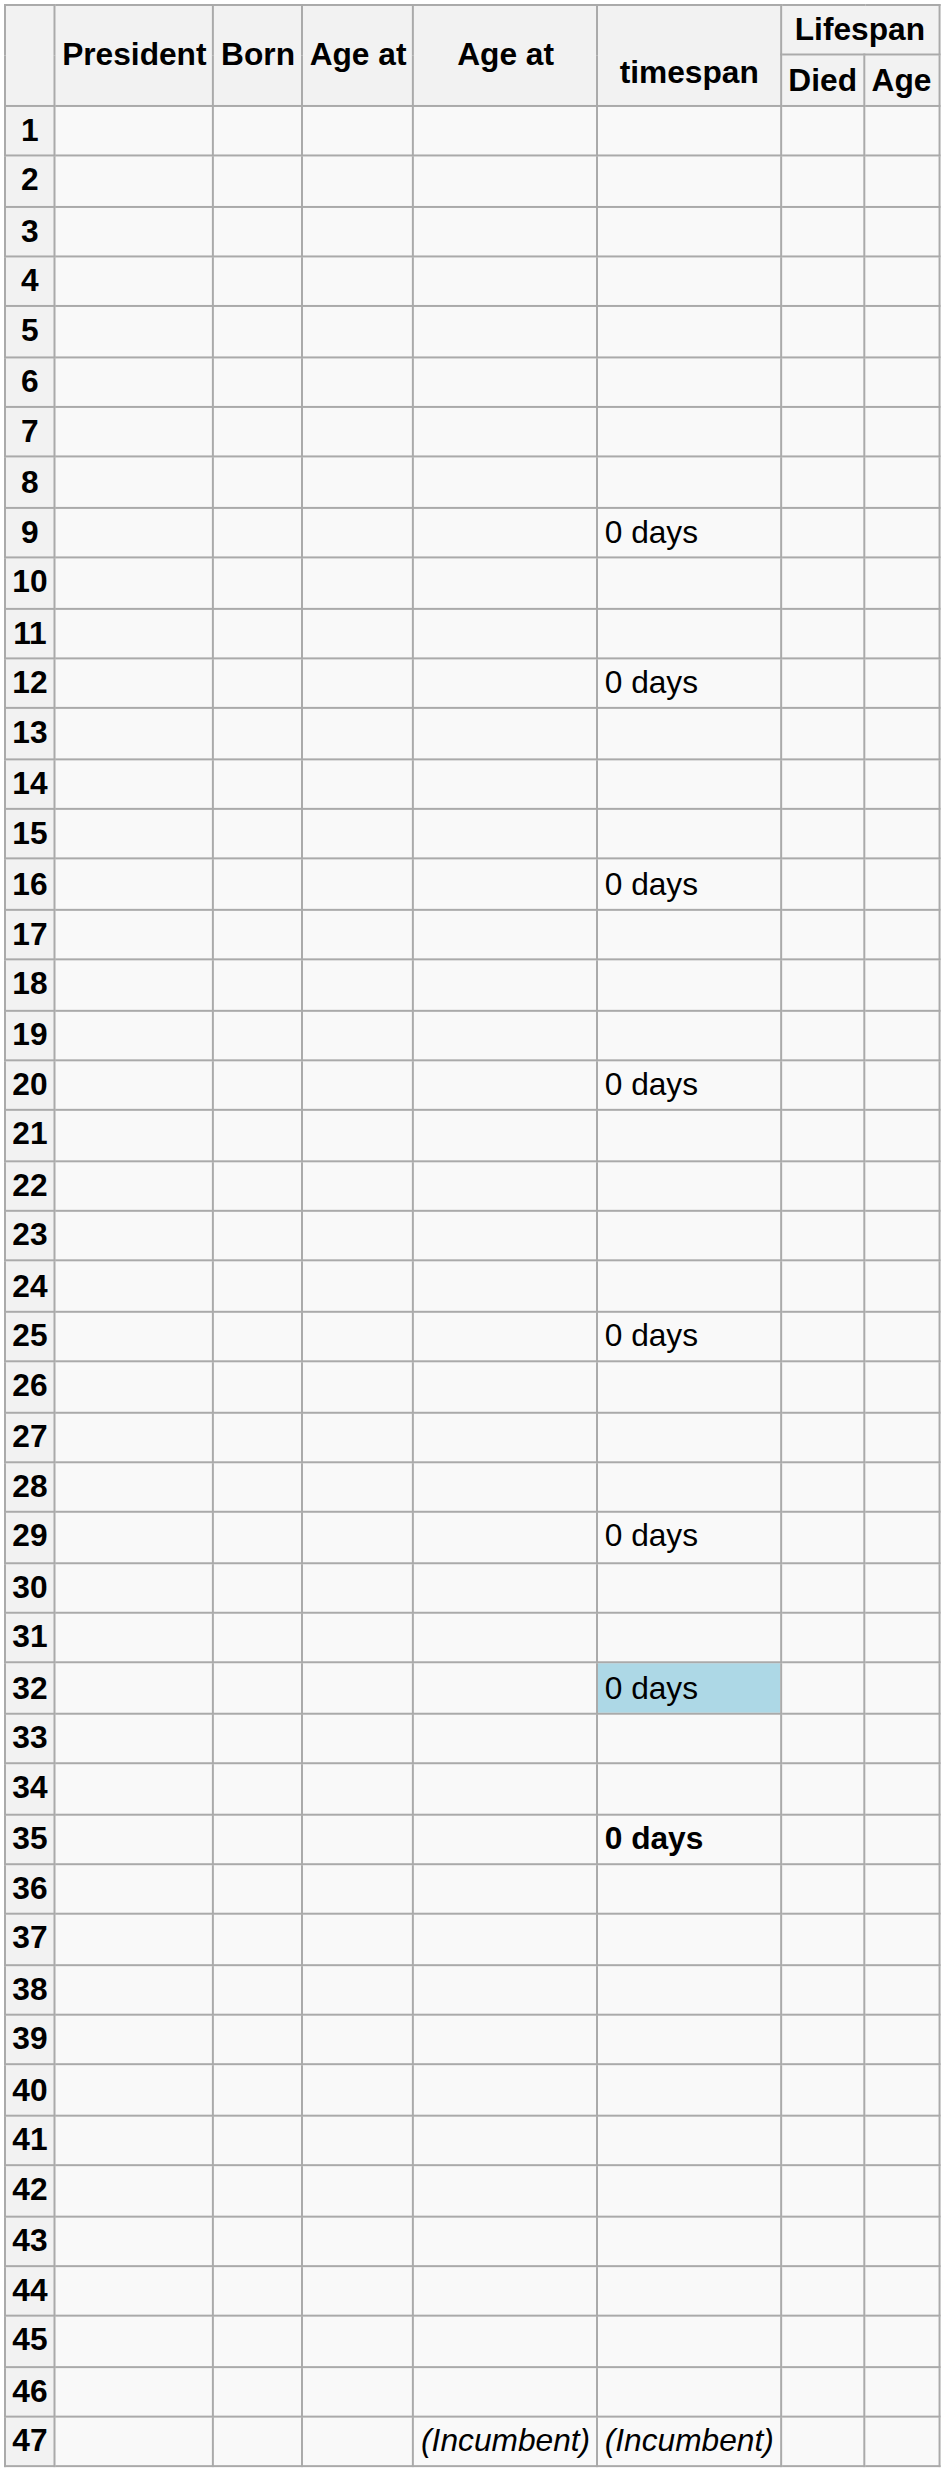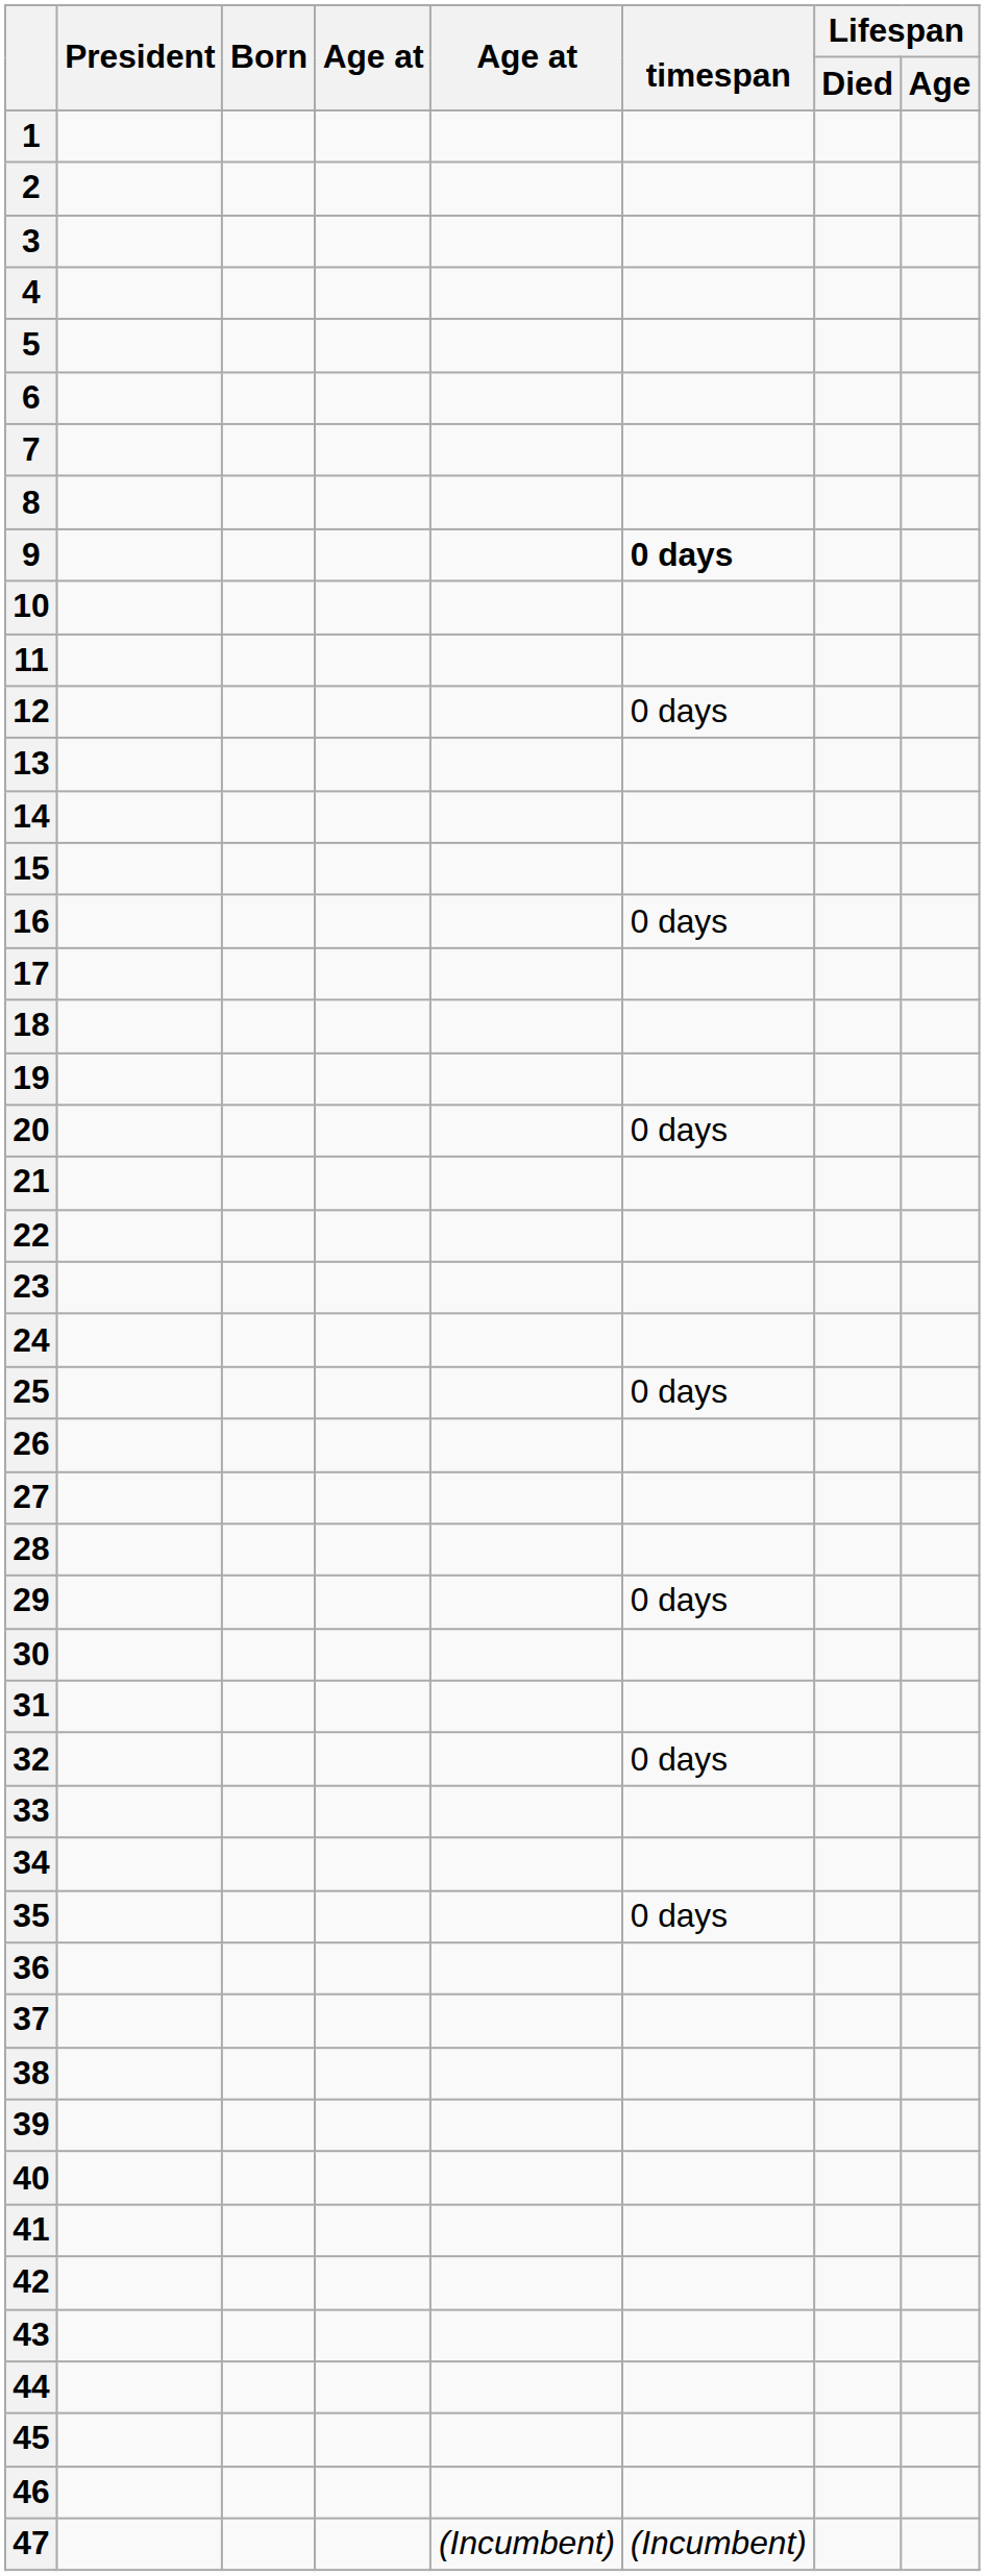 <table class="sortable wikitable sticky-header-multi sort-under col1right">
 <tr>
 <th rowspan=2></th>
 <th rowspan=2>President</th>
 <th rowspan=2>Born</th>
 <th rowspan=2>Age at<br></th>
 <th rowspan=2>Age at<br></th>
 <th rowspan=2><br>timespan</th>
 <th colspan=2>Lifespan</th>
 </tr>
 <tr>
 <th>Died</th>
 <th>Age</th>
 </tr>
 <tr>
 <th>1</th>
 <td></td>
 <td></td>
 <td><br></td>
 <td><br></td>
 <td></td>
 <td></td>
 <td></td>
 </tr>
 <tr>
 <th>2</th>
 <td></td>
 <td></td>
 <td><br></td>
 <td><br></td>
 <td></td>
 <td></td>
 <td></td>
 </tr>
 <tr>
 <th>3</th>
 <td></td>
 <td></td>
 <td><br></td>
 <td><br></td>
 <td></td>
 <td></td>
 <td></td>
 </tr>
 <tr>
 <th>4</th>
 <td></td>
 <td></td>
 <td><br></td>
 <td><br></td>
 <td></td>
 <td></td>
 <td></td>
 </tr>
 <tr>
 <th>5</th>
 <td></td>
 <td></td>
 <td><br></td>
 <td><br></td>
 <td></td>
 <td></td>
 <td></td>
 </tr>
 <tr>
 <th>6</th>
 <td></td>
 <td></td>
 <td><br></td>
 <td><br></td>
 <td></td>
 <td></td>
 <td></td>
 </tr>
 <tr>
 <th>7</th>
 <td></td>
 <td></td>
 <td><br></td>
 <td><br></td>
 <td></td>
 <td></td>
 <td></td>
 </tr>
 <tr>
 <th>8</th>
 <td></td>
 <td></td>
 <td><br></td>
 <td><br></td>
 <td></td>
 <td></td>
 <td></td>
 </tr>
 <tr>
 <th>9</th>
 <td></td>
 <td></td>
 <td><br></td>
 <td><br> </td>
-<td>0 days</td>
+<td><strong>0 days</strong></td>
 <td></td>
 <td></td>
 </tr>
 <tr>
 <th>10</th>
 <td></td>
 <td></td>
 <td><br></td>
 <td><br></td>
 <td></td>
 <td></td>
 <td></td>
 </tr>
 <tr>
 <th>11</th>
 <td></td>
 <td></td>
 <td><br></td>
 <td><br></td>
 <td></td>
 <td></td>
 <td></td>
 </tr>
 <tr>
 <th>12</th>
 <td></td>
 <td></td>
 <td><br></td>
 <td><br></td>
 <td>0 days</td>
 <td></td>
 <td></td>
 </tr>
 <tr>
 <th>13</th>
 <td></td>
 <td></td>
 <td><br></td>
 <td><br></td>
 <td></td>
 <td></td>
 <td></td>
 </tr>
 <tr>
 <th>14</th>
 <td></td>
 <td></td>
 <td><br></td>
 <td><br></td>
 <td></td>
 <td></td>
 <td></td>
 </tr>
 <tr>
 <th>15</th>
 <td></td>
 <td></td>
 <td><br></td>
 <td><br></td>
 <td></td>
 <td></td>
 <td></td>
 </tr>
 <tr>
 <th>16</th>
 <td></td>
 <td></td>
 <td><br></td>
 <td><br></td>
 <td>0 days</td>
 <td></td>
 <td></td>
 </tr>
 <tr>
 <th>17</th>
 <td></td>
 <td></td>
 <td><br></td>
 <td><br></td>
 <td></td>
 <td></td>
 <td></td>
 </tr>
 <tr>
 <th>18</th>
 <td></td>
 <td></td>
 <td><br></td>
 <td><br></td>
 <td></td>
 <td></td>
 <td></td>
 </tr>
 <tr>
 <th>19</th>
 <td></td>
 <td></td>
 <td><br></td>
 <td><br></td>
 <td></td>
 <td></td>
 <td></td>
 </tr>
 <tr>
 <th>20</th>
 <td></td>
 <td></td>
 <td><br></td>
 <td><br></td>
 <td>0 days</td>
 <td></td>
 <td></td>
 </tr>
 <tr>
 <th>21</th>
 <td></td>
 <td></td>
 <td><br></td>
 <td><br></td>
 <td></td>
 <td></td>
 <td></td>
 </tr>
 <tr>
 <th>22</th>
 <td></td>
 <td></td>
 <td><br></td>
 <td><br></td>
 <td></td>
 <td></td>
 <td></td>
 </tr>
 <tr>
 <th>23</th>
 <td></td>
 <td></td>
 <td><br></td>
 <td><br></td>
 <td></td>
 <td></td>
 <td></td>
 </tr>
 <tr>
 <th>24</th>
 <td></td>
 <td></td>
 <td><br></td>
 <td><br></td>
 <td></td>
 <td></td>
 <td></td>
 </tr>
 <tr>
 <th>25</th>
 <td></td>
 <td></td>
 <td><br></td>
 <td><br></td>
 <td>0 days</td>
 <td></td>
 <td></td>
 </tr>
 <tr>
 <th>26</th>
 <td></td>
 <td></td>
 <td><br></td>
 <td><br></td>
 <td></td>
 <td></td>
 <td></td>
 </tr>
 <tr>
 <th>27</th>
 <td></td>
 <td></td>
 <td><br></td>
 <td><br></td>
 <td></td>
 <td></td>
 <td></td>
 </tr>
 <tr>
 <th>28</th>
 <td></td>
 <td></td>
 <td><br></td>
 <td><br></td>
 <td></td>
 <td></td>
 <td></td>
 </tr>
 <tr>
 <th>29</th>
 <td></td>
 <td></td>
 <td><br></td>
 <td><br></td>
 <td>0 days</td>
 <td></td>
 <td></td>
 </tr>
 <tr>
 <th>30</th>
 <td></td>
 <td></td>
 <td><br></td>
 <td><br></td>
 <td></td>
 <td></td>
 <td></td>
 </tr>
 <tr>
 <th>31</th>
 <td></td>
 <td></td>
 <td><br></td>
 <td><br></td>
 <td></td>
 <td></td>
 <td></td>
 </tr>
 <tr>
 <th>32</th>
 <td nowrap></td>
 <td></td>
 <td><br></td>
 <td><br></td>
-<td style="background: lightblue;">0 days</td>
+<td>0 days</td>
 <td></td>
 <td></td>
 </tr>
 <tr>
 <th>33</th>
 <td></td>
 <td></td>
 <td><br></td>
 <td><br></td>
 <td></td>
 <td></td>
 <td></td>
 </tr>
 <tr>
 <th>34</th>
 <td nowrap></td>
 <td></td>
 <td><br></td>
 <td><br></td>
 <td></td>
 <td></td>
 <td></td>
 </tr>
 <tr>
 <th>35</th>
 <td></td>
 <td></td>
 <td><br></td>
 <td><br></td>
-<td><strong>0 days</strong></td>
+<td>0 days</td>
 <td></td>
 <td></td>
 </tr>
 <tr>
 <th>36</th>
 <td></td>
 <td></td>
 <td><br></td>
 <td><br></td>
 <td></td>
 <td></td>
 <td></td>
 </tr>
 <tr>
 <th>37</th>
 <td></td>
 <td></td>
 <td><br></td>
 <td><br></td>
 <td></td>
 <td></td>
 <td></td>
 </tr>
 <tr>
 <th>38</th>
 <td></td>
 <td></td>
 <td><br></td>
 <td><br></td>
 <td></td>
 <td></td>
 <td></td>
 </tr>
 <tr>
 <th>39</th>
 <td></td>
 <td></td>
 <td><br></td>
 <td><br></td>
 <td></td>
 <td></td>
 <td></td>
 </tr>
 <tr>
 <th>40</th>
 <td></td>
 <td></td>
 <td><br></td>
 <td><br></td>
 <td></td>
 <td></td>
 <td></td>
 </tr>
 <tr>
 <th>41</th>
 <td></td>
 <td></td>
 <td><br></td>
 <td><br></td>
 <td></td>
 <td></td>
 <td></td>
 </tr>
 <tr>
 <th>42</th>
 <td></td>
 <td></td>
 <td><br></td>
 <td><br></td>
 <td><em></em></td>
 <td></td>
 <td><em></em></td>
 </tr>
 <tr>
 <th>43</th>
 <td></td>
 <td></td>
 <td><br></td>
 <td><br></td>
 <td><em></em></td>
 <td></td>
 <td><em></em></td>
 </tr>
 <tr>
 <th>44</th>
 <td></td>
 <td></td>
 <td><br></td>
 <td><br></td>
 <td><em></em></td>
 <td></td>
 <td><em></em></td>
 </tr>
 <tr>
 <th>45</th>
 <td></td>
 <td></td>
 <td><br></td>
 <td><br></td>
 <td></td>
 <td></td>
 <td><em></em></td>
 </tr>
 <tr>
 <th>46</th>
 <td></td>
 <td></td>
 <td><br></td>
 <td><br></td>
 <td><em></em></td>
 <td></td>
 <td><em></em></td>
 </tr>
 <tr>
 <th>47</th>
 <td></td>
 <td></td>
 <td><br></td>
 <td data-sort-value=><em>(Incumbent)</em></td>
 <td><em>(Incumbent)</em></td>
 <td></td>
 <td><em></em></td>
 </tr>
 </table>
